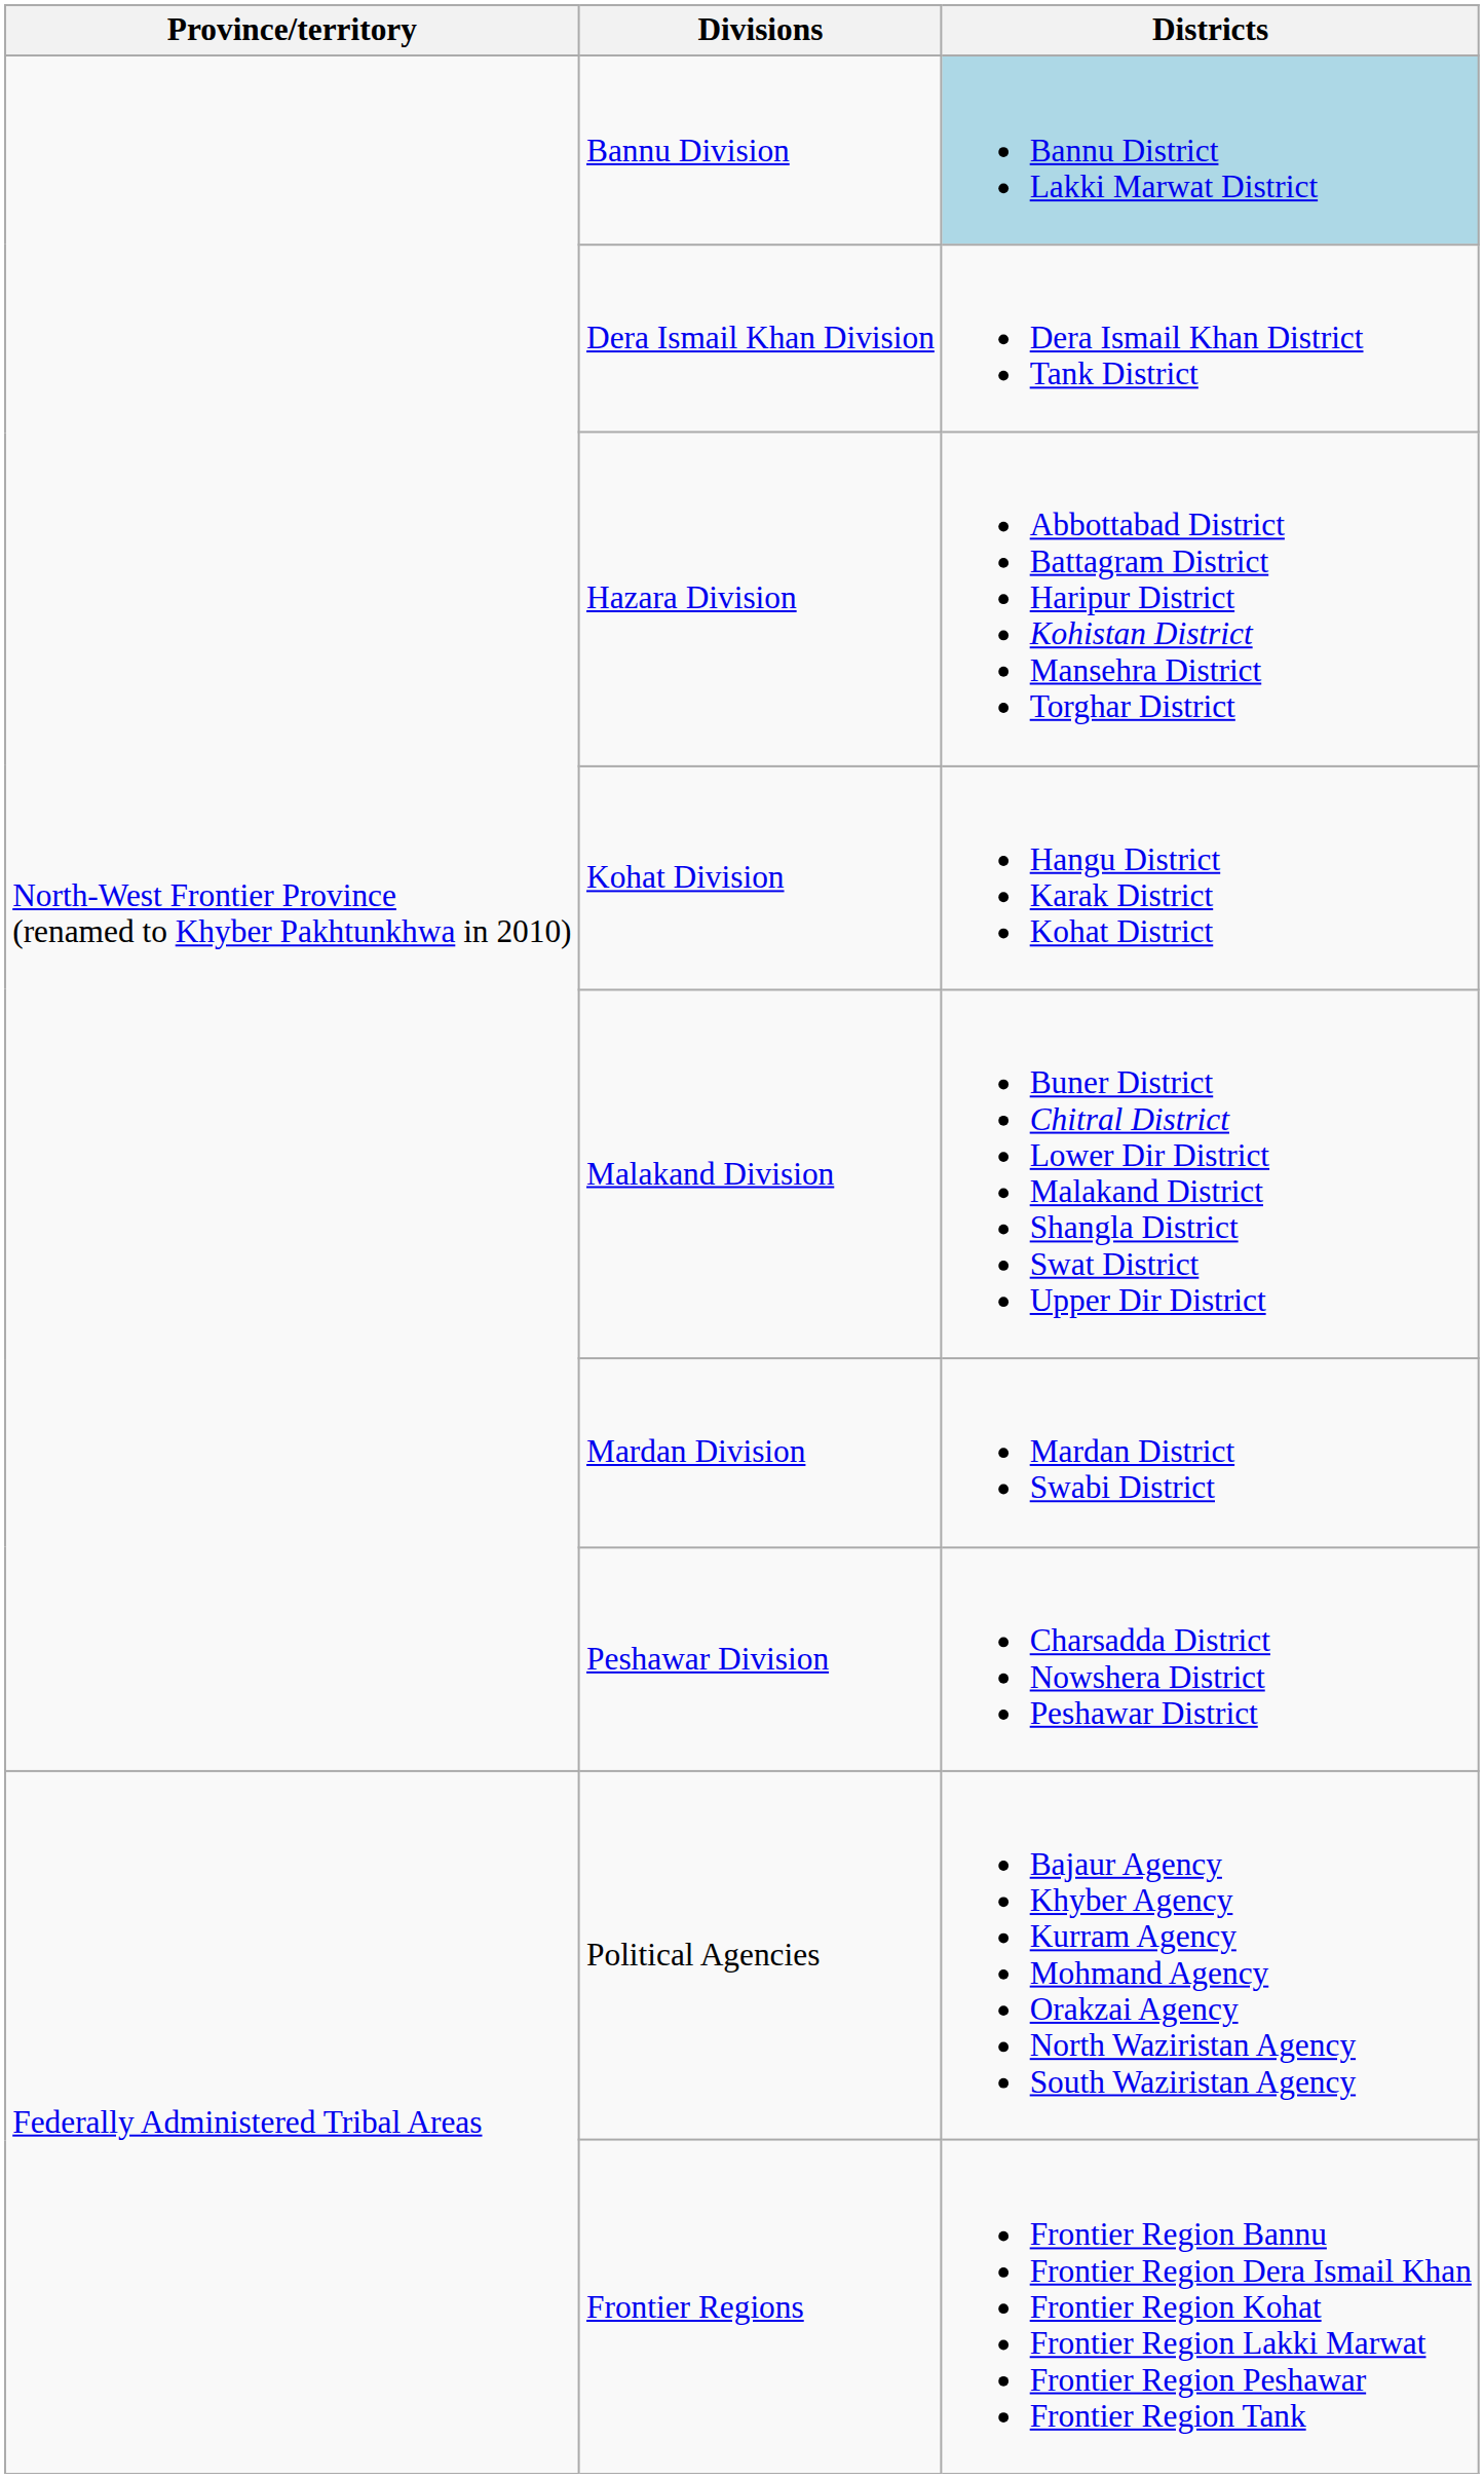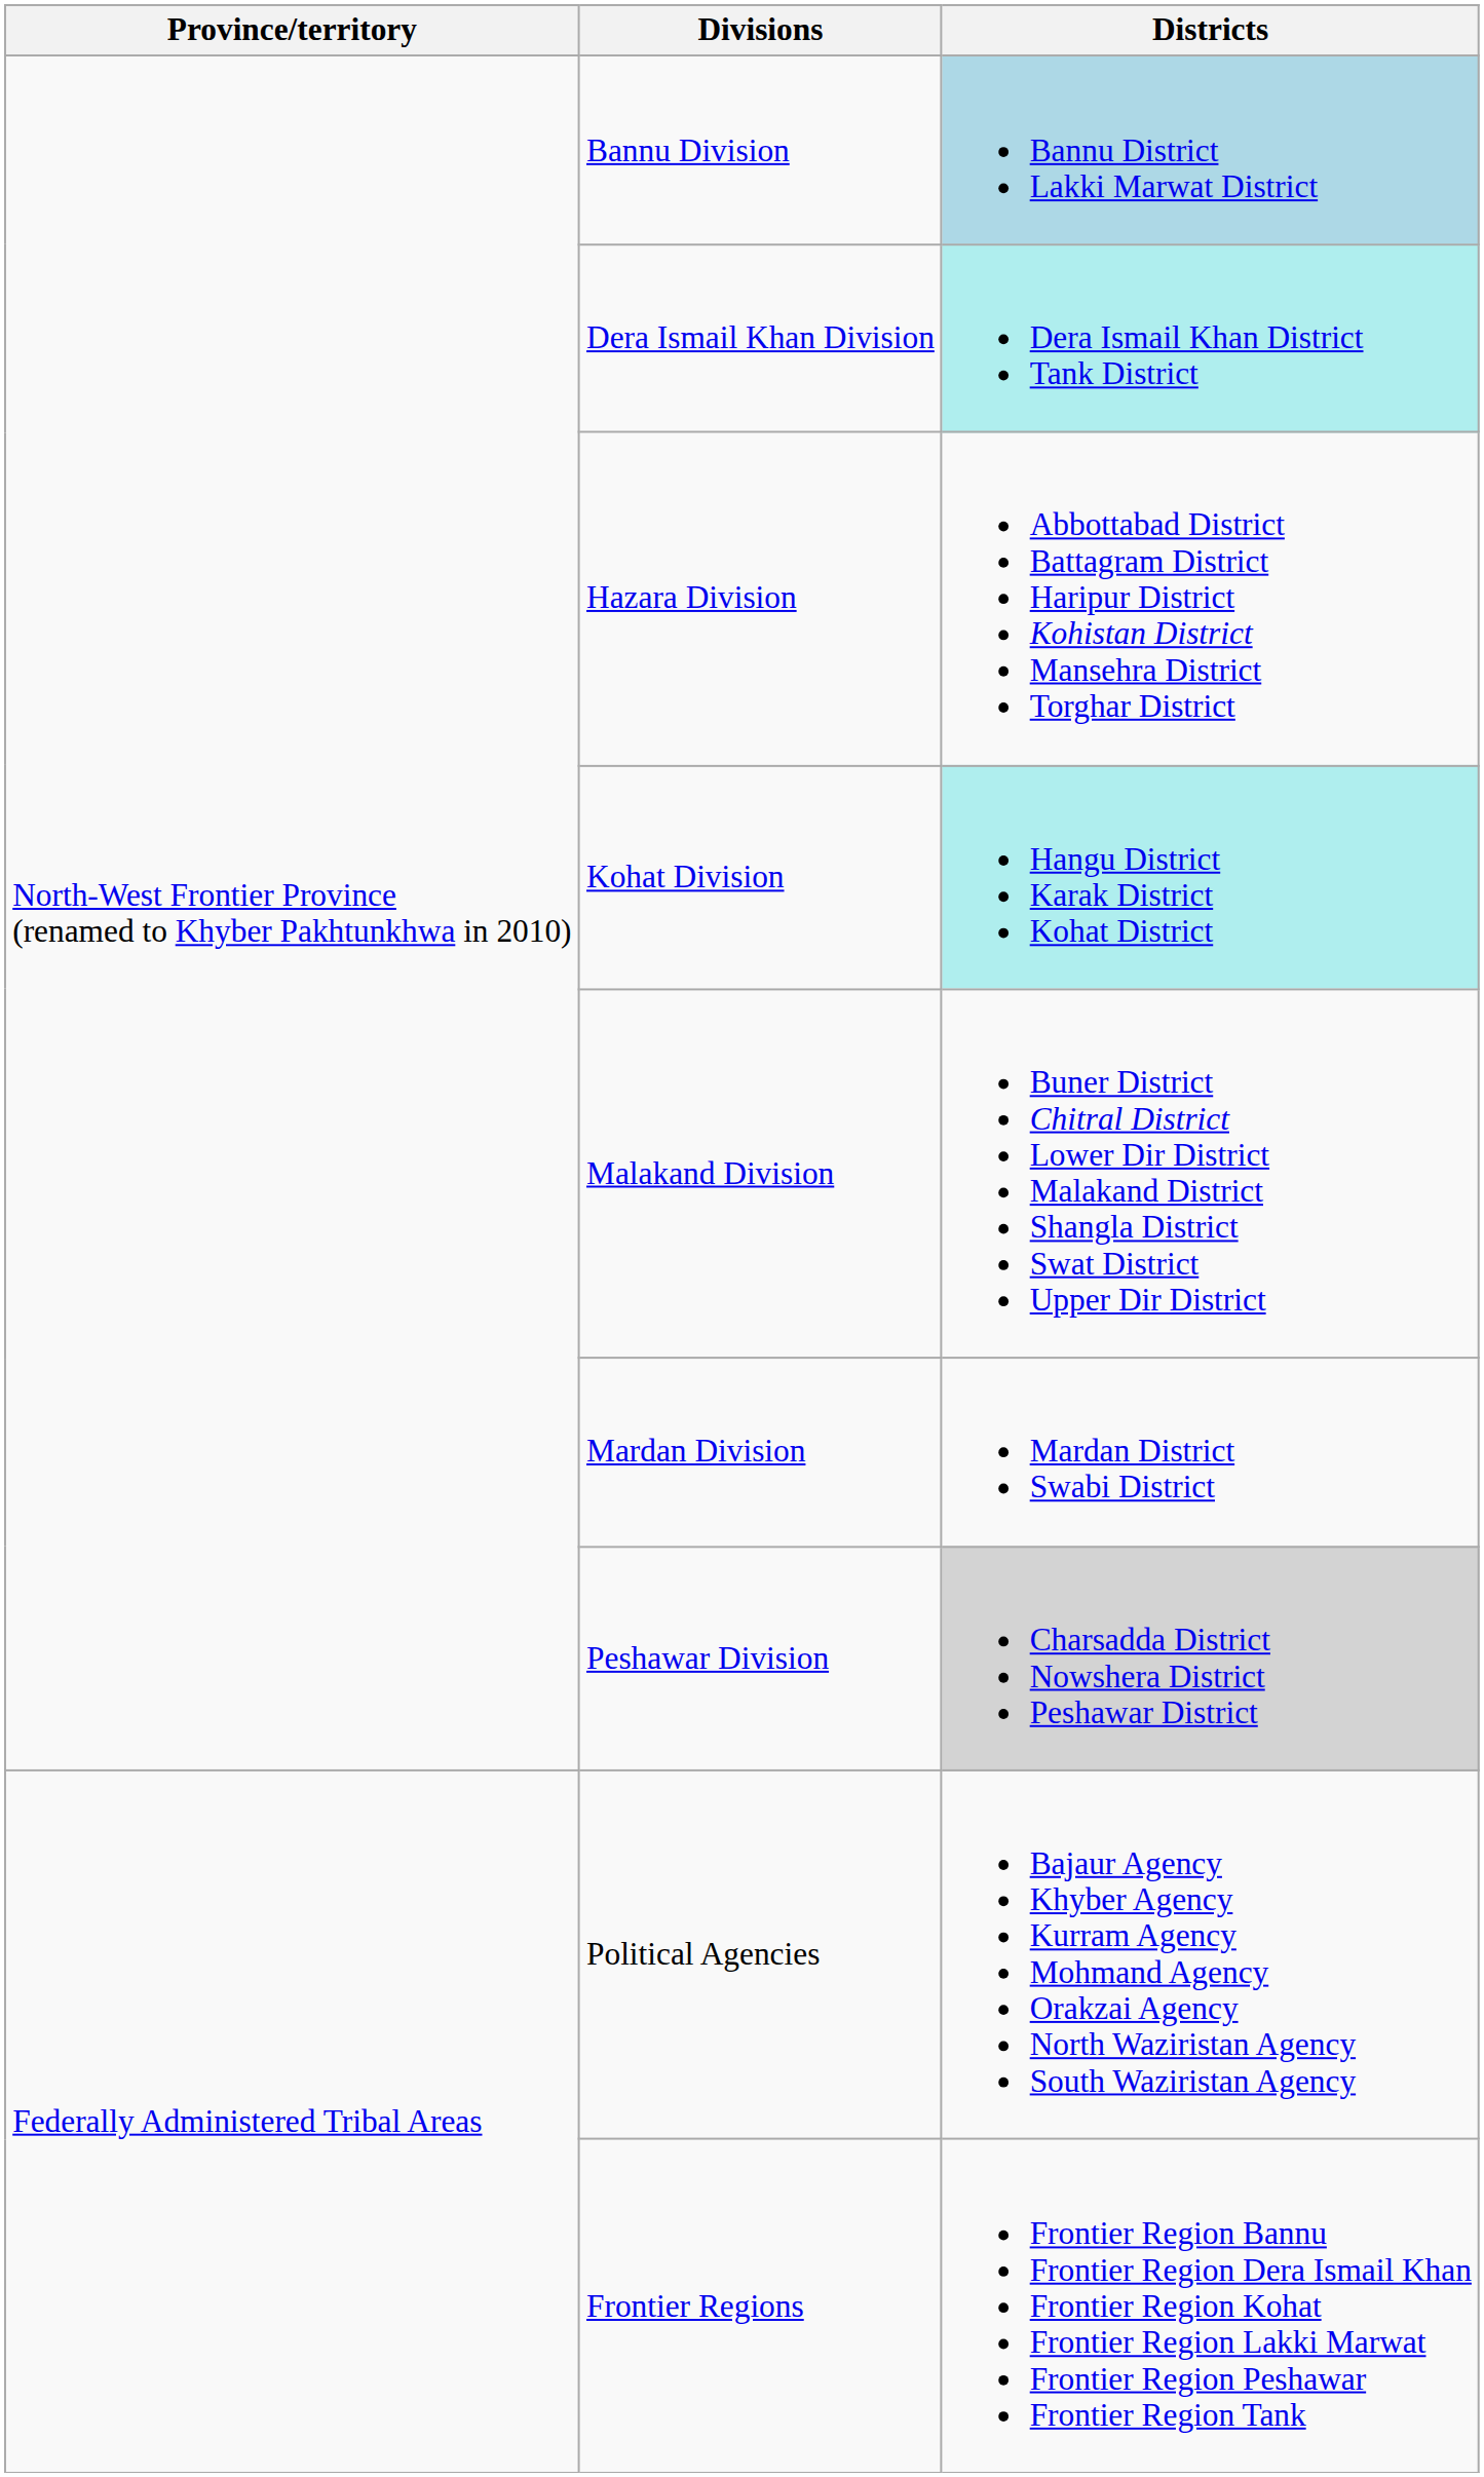 <table class="wikitable sortable">
 <tr>
 <th>Province/territory</th>
 <th>Divisions</th>
 <th>Districts</th>
 </tr>
 <tr>
 <td rowspan="7"><a href='#'>North-West Frontier Province</a><br>(renamed to <a href='#'>Khyber Pakhtunkhwa</a> in 2010)</td>
 <td><a href='#'>Bannu Division</a></td>
 <td style="background: lightblue;"><br><ul><li><a href='#'>Bannu District</a></li><li><a href='#'>Lakki Marwat District</a></li></ul></td>
 </tr>
 <tr>
 <td><a href='#'>Dera Ismail Khan Division</a></td>
-<td><br><ul><li><a href='#'>Dera Ismail Khan District</a></li><li><a href='#'>Tank District</a></li></ul></td>
+<td style="background: paleturquoise;"><br><ul><li><a href='#'>Dera Ismail Khan District</a></li><li><a href='#'>Tank District</a></li></ul></td>
 </tr>
 <tr>
 <td><a href='#'>Hazara Division</a></td>
 <td><br><ul><li><a href='#'>Abbottabad District</a></li><li><a href='#'>Battagram District</a></li><li><a href='#'>Haripur District</a></li><li><em><a href='#'>Kohistan District</a></em></li><li><a href='#'>Mansehra District</a></li><li><a href='#'>Torghar District</a></li></ul></td>
 </tr>
 <tr>
 <td><a href='#'>Kohat Division</a></td>
-<td><br><ul><li><a href='#'>Hangu District</a></li><li><a href='#'>Karak District</a></li><li><a href='#'>Kohat District</a></li></ul></td>
+<td style="background: paleturquoise;"><br><ul><li><a href='#'>Hangu District</a></li><li><a href='#'>Karak District</a></li><li><a href='#'>Kohat District</a></li></ul></td>
 </tr>
 <tr>
 <td><a href='#'>Malakand Division</a></td>
 <td><br><ul><li><a href='#'>Buner District</a></li><li><em><a href='#'>Chitral District</a></em></li><li><a href='#'>Lower Dir District</a></li><li><a href='#'>Malakand District</a></li><li><a href='#'>Shangla District</a></li><li><a href='#'>Swat District</a></li><li><a href='#'>Upper Dir District</a></li></ul></td>
 </tr>
 <tr>
 <td><a href='#'>Mardan Division</a></td>
 <td><br><ul><li><a href='#'>Mardan District</a></li><li><a href='#'>Swabi District</a></li></ul></td>
 </tr>
 <tr>
 <td><a href='#'>Peshawar Division</a></td>
-<td><br><ul><li><a href='#'>Charsadda District</a></li><li><a href='#'>Nowshera District</a></li><li><a href='#'>Peshawar District</a></li></ul></td>
+<td style="background: lightgrey;"><br><ul><li><a href='#'>Charsadda District</a></li><li><a href='#'>Nowshera District</a></li><li><a href='#'>Peshawar District</a></li></ul></td>
 </tr>
 <tr>
 <td rowspan="2"><a href='#'>Federally Administered Tribal Areas</a></td>
 <td>Political Agencies</td>
 <td><br><ul><li><a href='#'>Bajaur Agency</a></li><li><a href='#'>Khyber Agency</a></li><li><a href='#'>Kurram Agency</a></li><li><a href='#'>Mohmand Agency</a></li><li><a href='#'>Orakzai Agency</a></li><li><a href='#'>North Waziristan Agency</a></li><li><a href='#'>South Waziristan Agency</a></li></ul></td>
 </tr>
 <tr>
 <td><a href='#'>Frontier Regions</a></td>
 <td><br><ul><li><a href='#'>Frontier Region Bannu</a></li><li><a href='#'>Frontier Region Dera Ismail Khan</a></li><li><a href='#'>Frontier Region Kohat</a></li><li><a href='#'>Frontier Region Lakki Marwat</a></li><li><a href='#'>Frontier Region Peshawar</a></li><li><a href='#'>Frontier Region Tank</a></li></ul></td>
 </tr>
 </table>
